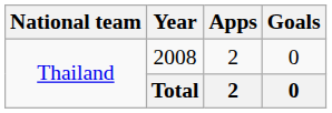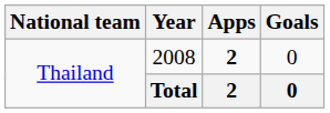 <table class="wikitable" style="text-align:center">
 <tr>
 <th>National team</th>
 <th>Year</th>
 <th>Apps</th>
 <th>Goals</th>
 </tr>
 <tr>
 <td rowspan="2" valign="center"><a href='#'>Thailand</a></td>
 <td>2008</td>
-<td>2</td>
+<td><strong>2</strong></td>
 <td>0</td>
 </tr>
 <tr>
 <th>Total</th>
 <th>2</th>
 <th>0</th>
 </tr>
 </table>
